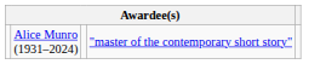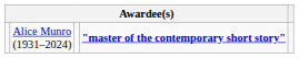 <table class="wikitable">
 <tr>
 <th colspan="4">Awardee(s)</th>
 <th></th>
 </tr>
 <tr>
 <td></td>
 <td><a href='#'>Alice Munro</a><br>(1931–2024)</td>
 <td></td>
-<td><a href='#'>"master of the contemporary short story"</a></td>
+<td><strong><a href='#'>"master of the contemporary short story"</a></strong></td>
 <td></td>
 </tr>
 </table>
